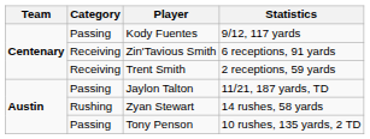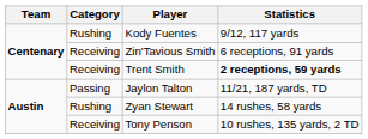 <table class="wikitable" style="float: left;">
 <tr>
 <th>Team</th>
 <th>Category</th>
 <th>Player</th>
 <th>Statistics</th>
 </tr>
 <tr>
 <td rowspan=3><strong>Centenary</strong></td>
-<td>Passing</td>
+<td>Rushing</td>
 <td>Kody Fuentes</td>
 <td>9/12, 117 yards</td>
 </tr>
 <tr>
 <td>Receiving</td>
 <td>Zin'Tavious Smith</td>
 <td>6 receptions, 91 yards</td>
 </tr>
 <tr>
 <td>Receiving</td>
 <td>Trent Smith</td>
-<td>2 receptions, 59 yards</td>
+<td><strong>2 receptions, 59 yards</strong></td>
 </tr>
 <tr>
 <td rowspan=3><strong>Austin</strong></td>
 <td>Passing</td>
 <td>Jaylon Talton</td>
 <td>11/21, 187 yards, TD</td>
 </tr>
 <tr>
 <td>Rushing</td>
 <td>Zyan Stewart</td>
 <td>14 rushes, 58 yards</td>
 </tr>
 <tr>
-<td>Passing</td>
+<td>Receiving</td>
 <td>Tony Penson</td>
 <td>10 rushes, 135 yards, 2 TD</td>
 </tr>
 </table>
